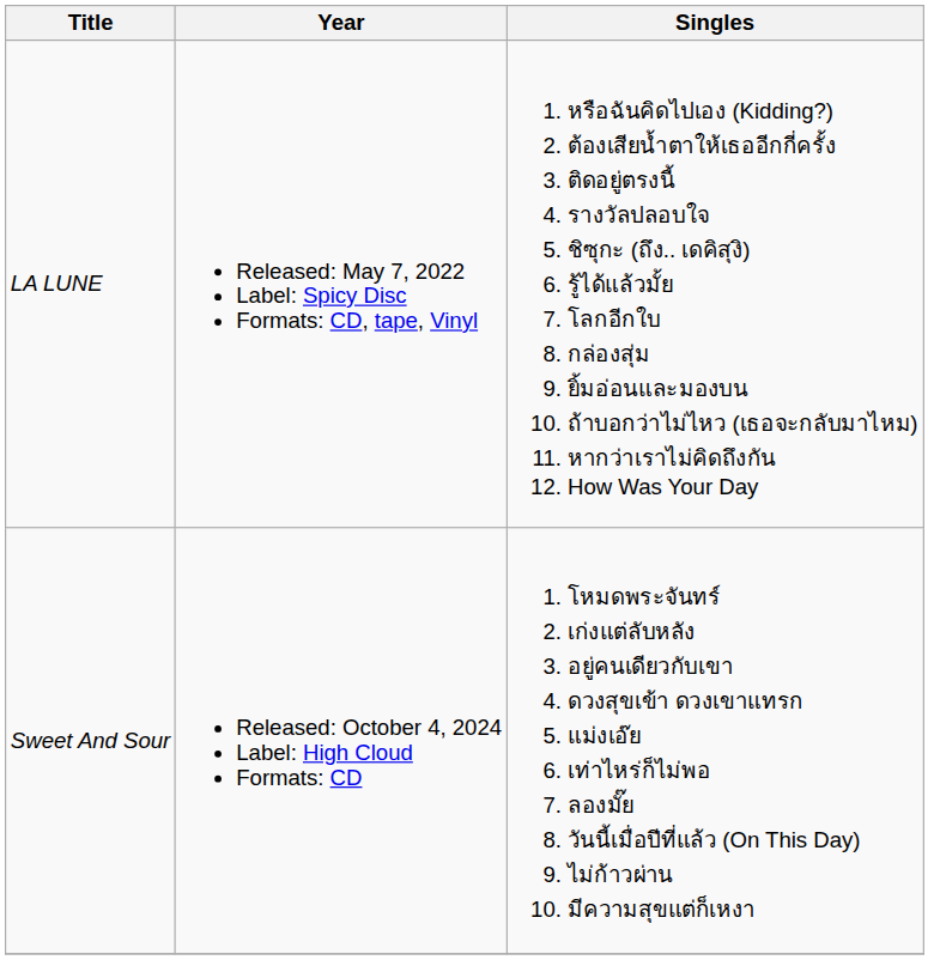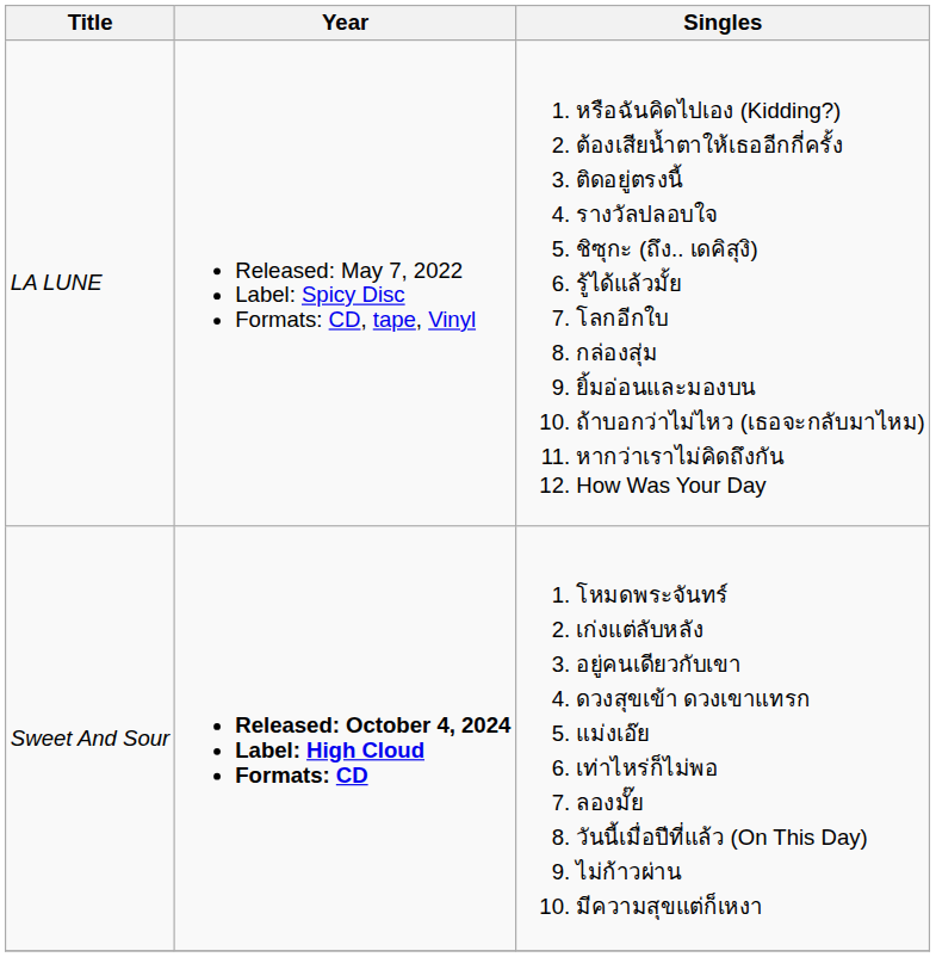 <table class="wikitable">
 <tr>
 <th>Title</th>
 <th>Year</th>
 <th>Singles</th>
 </tr>
 <tr>
 <td><em>LA LUNE</em></td>
 <td><br><ul><li>Released: May 7, 2022</li><li>Label: <a href='#'>Spicy Disc</a></li><li>Formats: <a href='#'>CD</a>, <a href='#'>tape</a>, <a href='#'>Vinyl</a></li></ul></td>
 <td><br><ol><li>หรือฉันคิดไปเอง (Kidding?)</li><li>ต้องเสียน้ำตาให้เธออีกกี่ครั้ง</li><li>ติดอยู่ตรงนี้</li><li>รางวัลปลอบใจ </li><li>ชิซุกะ (ถึง.. เดคิสุงิ)</li><li>รู้ได้แล้วมั้ย</li><li>โลกอีกใบ </li><li>กล่องสุ่ม</li><li>ยิ้มอ่อนและมองบน</li><li>ถ้าบอกว่าไม่ไหว (เธอจะกลับมาไหม)</li><li>หากว่าเราไม่คิดถึงกัน </li><li>How Was Your Day</li></ol></td>
 </tr>
 <tr>
 <td><em>Sweet And Sour</em></td>
-<td><br><ul><li>Released: October 4, 2024</li><li>Label: <a href='#'>High Cloud</a></li><li>Formats: <a href='#'>CD</a></li></ul></td>
+<td><strong><br><ul><li>Released: October 4, 2024</li><li>Label: <a href='#'>High Cloud</a></li><li>Formats: <a href='#'>CD</a></li></ul></strong></td>
 <td><br><ol><li>โหมดพระจันทร์</li><li>เก่งแต่ลับหลัง </li><li>อยู่คนเดียวกับเขา</li><li>ดวงสุขเข้า ดวงเขาแทรก</li><li>แม่งเอ๊ย </li><li>เท่าไหร่ก็ไม่พอ </li><li>ลองมั๊ย</li><li>วันนี้เมื่อปีที่แล้ว (On This Day) </li><li>ไม่ก้าวผ่าน</li><li>มีความสุขแต่ก็เหงา</li></ol></td>
 </tr>
 <tr>
 </tr>
 </table>
